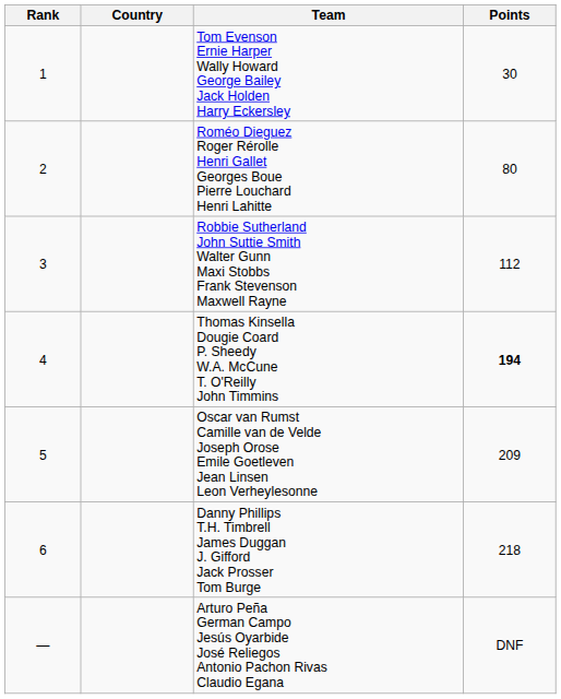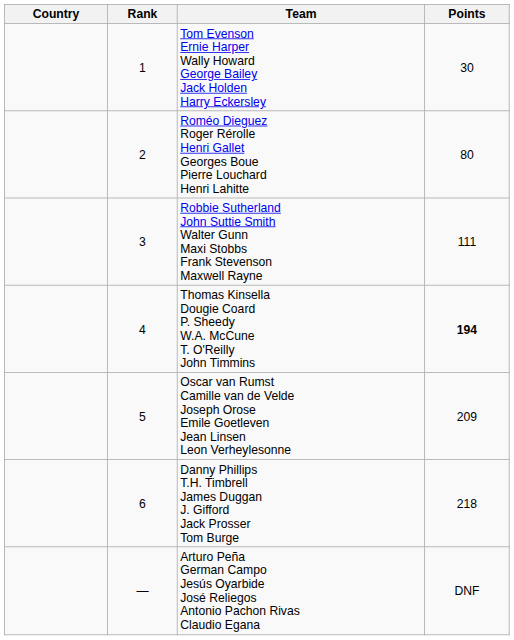 <table class="wikitable sortable" style=" text-align:center; font-size:95%;" width="50%">
 <tr>
+<th>Country</th>
 <th>Rank</th>
-<th>Country</th>
 <th>Team</th>
 <th>Points</th>
 </tr>
 <tr>
+<td align=left></td>
 <td align=center>1</td>
-<td align=left></td>
 <td align=left><a href='#'>Tom Evenson</a><br><a href='#'>Ernie Harper</a><br>Wally Howard<br><a href='#'>George Bailey</a><br><a href='#'>Jack Holden</a><br><a href='#'>Harry Eckersley</a></td>
 <td>30</td>
 </tr>
 <tr>
+<td align=left></td>
 <td align=center>2</td>
-<td align=left></td>
 <td align=left><a href='#'>Roméo Dieguez</a><br>Roger Rérolle<br><a href='#'>Henri Gallet</a><br>Georges Boue<br>Pierre Louchard<br>Henri Lahitte</td>
 <td>80</td>
 </tr>
 <tr>
+<td align=left></td>
 <td align=center>3</td>
-<td align=left></td>
 <td align=left><a href='#'>Robbie Sutherland</a><br><a href='#'>John Suttie Smith</a><br>Walter Gunn<br>Maxi Stobbs<br>Frank Stevenson<br>Maxwell Rayne</td>
-<td>112</td>
+<td>111</td>
 </tr>
 <tr>
+<td align=left></td>
 <td align=center>4</td>
-<td align=left></td>
 <td align=left>Thomas Kinsella<br>Dougie Coard<br>P. Sheedy<br>W.A. McCune<br>T. O'Reilly<br>John Timmins</td>
 <td><strong>194</strong></td>
 </tr>
 <tr>
+<td align=left></td>
 <td align=center>5</td>
-<td align=left></td>
 <td align=left>Oscar van Rumst<br>Camille van de Velde<br>Joseph Orose<br>Emile Goetleven<br>Jean Linsen<br>Leon Verheylesonne</td>
 <td>209</td>
 </tr>
 <tr>
+<td align=left></td>
 <td align=center>6</td>
-<td align=left></td>
 <td align=left>Danny Phillips<br>T.H. Timbrell<br>James Duggan<br>J. Gifford<br>Jack Prosser<br>Tom Burge</td>
 <td>218</td>
 </tr>
 <tr>
+<td align=left></td>
 <td align=center>—</td>
-<td align=left></td>
 <td align=left>Arturo Peña<br>German Campo<br>Jesús Oyarbide<br>José Reliegos<br>Antonio Pachon Rivas<br>Claudio Egana</td>
 <td>DNF</td>
 </tr>
 </table>
